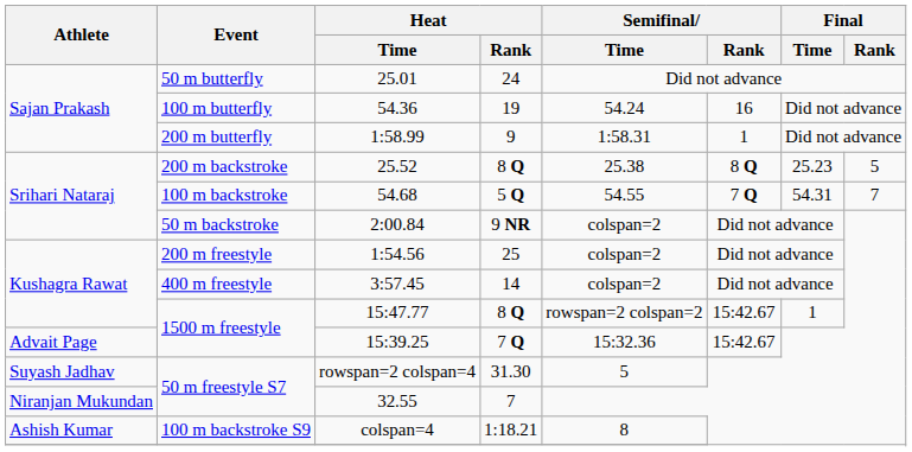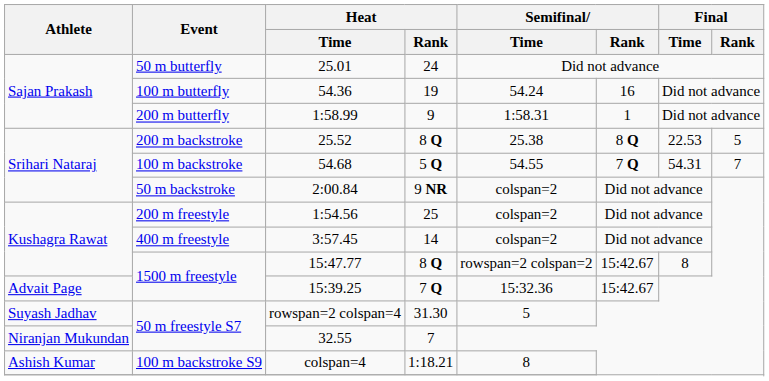 <table class=wikitable style="text-align:center; font-size:90%">
 <tr>
 <th rowspan="2">Athlete</th>
 <th rowspan="2">Event</th>
 <th colspan="2">Heat</th>
 <th colspan="2">Semifinal/</th>
 <th colspan="2">Final</th>
 </tr>
 <tr>
 <th>Time</th>
 <th>Rank</th>
 <th>Time</th>
 <th>Rank</th>
 <th>Time</th>
 <th>Rank</th>
 </tr>
 <tr>
 <td rowspan="3" align=left><a href='#'>Sajan Prakash</a></td>
 <td align=left><a href='#'>50 m butterfly</a></td>
 <td>25.01</td>
 <td>24</td>
 <td colspan="4">Did not advance</td>
 </tr>
 <tr>
 <td align=left><a href='#'>100 m butterfly</a></td>
 <td>54.36</td>
 <td>19</td>
 <td>54.24</td>
 <td>16</td>
 <td colspan="2">Did not advance</td>
 </tr>
 <tr>
 <td align=left><a href='#'>200 m butterfly</a></td>
 <td>1:58.99</td>
 <td>9</td>
 <td>1:58.31</td>
 <td>1</td>
 <td colspan="2">Did not advance</td>
 </tr>
 <tr>
 <td rowspan="3" align=left><a href='#'>Srihari Nataraj</a></td>
 <td align=left><a href='#'>200 m backstroke</a></td>
 <td>25.52</td>
 <td>8 <strong>Q</strong></td>
 <td>25.38</td>
 <td>8 <strong>Q</strong></td>
-<td>25.23</td>
+<td>22.53</td>
 <td>5</td>
 </tr>
 <tr>
 <td align=left><a href='#'>100 m backstroke</a></td>
 <td>54.68</td>
 <td>5 <strong>Q</strong></td>
 <td>54.55</td>
 <td>7 <strong>Q</strong></td>
 <td>54.31</td>
 <td>7</td>
 </tr>
 <tr>
 <td align=left><a href='#'>50 m backstroke</a></td>
 <td>2:00.84</td>
 <td>9 <strong>NR</strong></td>
 <td>colspan=2 </td>
 <td colspan="2">Did not advance</td>
 </tr>
 <tr>
 <td rowspan="3" align=left><a href='#'>Kushagra Rawat</a></td>
 <td align=left><a href='#'>200 m freestyle</a></td>
 <td>1:54.56</td>
 <td>25</td>
 <td>colspan=2 </td>
 <td colspan="2">Did not advance</td>
 </tr>
 <tr>
 <td align=left><a href='#'>400 m freestyle</a></td>
 <td>3:57.45</td>
 <td>14</td>
 <td>colspan=2 </td>
 <td colspan=2>Did not advance</td>
 </tr>
 <tr>
 <td align=left rowspan=2><a href='#'>1500 m freestyle</a></td>
 <td>15:47.77</td>
 <td>8 <strong>Q</strong></td>
 <td>rowspan=2 colspan=2 </td>
 <td>15:42.67</td>
-<td>1</td>
+<td>8</td>
 </tr>
 <tr>
 <td align=left><a href='#'>Advait Page</a></td>
 <td>15:39.25</td>
 <td>7 <strong>Q</strong></td>
 <td>15:32.36</td>
 <td>15:42.67</td>
 </tr>
 <tr>
 <td align=left><a href='#'>Suyash Jadhav</a></td>
 <td align=left rowspan="2"><a href='#'>50 m freestyle S7</a></td>
 <td>rowspan=2 colspan=4 </td>
 <td>31.30</td>
 <td>5</td>
 </tr>
 <tr>
 <td align=left><a href='#'>Niranjan Mukundan</a></td>
 <td>32.55</td>
 <td>7</td>
 </tr>
 <tr>
 <td align=left><a href='#'>Ashish Kumar</a></td>
 <td align=left rowspan="1"><a href='#'>100 m backstroke S9</a></td>
 <td>colspan=4 </td>
 <td>1:18.21</td>
 <td>8</td>
 </tr>
 <tr>
 </tr>
 </table>
